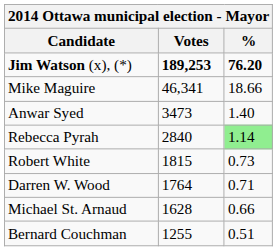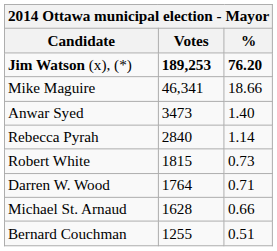 <table class="wikitable">
 <tr>
 <th colspan="3">2014 Ottawa municipal election - Mayor</th>
 </tr>
 <tr>
 <th>Candidate</th>
 <th>Votes</th>
 <th>%</th>
 </tr>
 <tr>
 <td><strong>Jim Watson</strong> (x), (*)</td>
 <td><strong>189,253</strong></td>
 <td><strong>76.20</strong></td>
 </tr>
 <tr>
 <td>Mike Maguire</td>
 <td>46,341</td>
 <td>18.66</td>
 </tr>
 <tr>
 <td>Anwar Syed</td>
 <td>3473</td>
 <td>1.40</td>
 </tr>
 <tr>
 <td>Rebecca Pyrah</td>
 <td>2840</td>
-<td style="background: lightgreen;">1.14</td>
+<td>1.14</td>
 </tr>
 <tr>
 <td>Robert White</td>
 <td>1815</td>
 <td>0.73</td>
 </tr>
 <tr>
 <td>Darren W. Wood</td>
 <td>1764</td>
 <td>0.71</td>
 </tr>
 <tr>
 <td>Michael St. Arnaud</td>
 <td>1628</td>
 <td>0.66</td>
 </tr>
 <tr>
 <td>Bernard Couchman</td>
 <td>1255</td>
 <td>0.51</td>
 </tr>
 </table>
